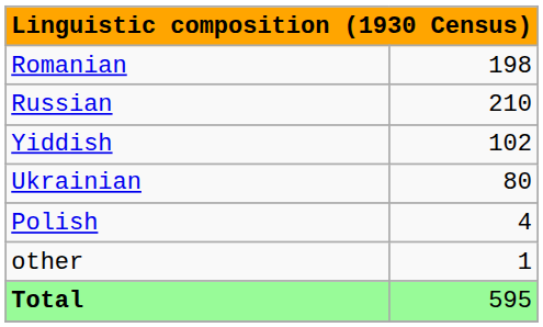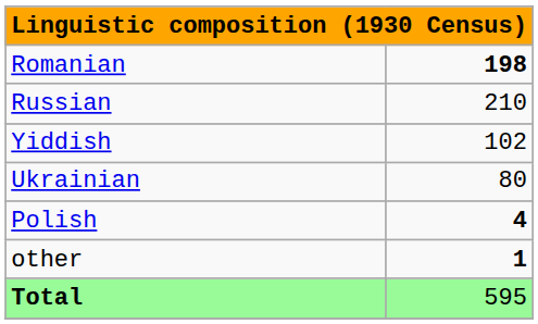 <table class="wikitable" style="float:right">
 <tr ---->
 <td colspan="3" align="center" bgcolor="#FFA500"><strong>Linguistic composition (1930 Census)</strong></td>
 </tr>
 <tr ---->
 <td align=left><a href='#'>Romanian</a></td>
-<td align=right>198</td>
+<td align=right><strong>198</strong></td>
 </tr>
 <tr ---->
 <td align=left><a href='#'>Russian</a></td>
 <td align=right>210</td>
 </tr>
 <tr ---->
 <td align=left><a href='#'>Yiddish</a></td>
 <td align=right>102</td>
 </tr>
 <tr ---->
 <td align=left><a href='#'>Ukrainian</a></td>
 <td align=right>80</td>
 </tr>
 <tr ---->
 <td align=left><a href='#'>Polish</a></td>
-<td align=right>4</td>
+<td align=right><strong>4</strong></td>
 </tr>
 <tr ---->
 <td align=left>other</td>
-<td align=right>1</td>
+<td align=right><strong>1</strong></td>
 </tr>
 <tr ---->
 <td align=left bgcolor="#98FB98"><strong>Total</strong></td>
 <td align=right bgcolor="#98FB98">595</td>
 </tr>
 <tr ---->
 </tr>
 </table>
